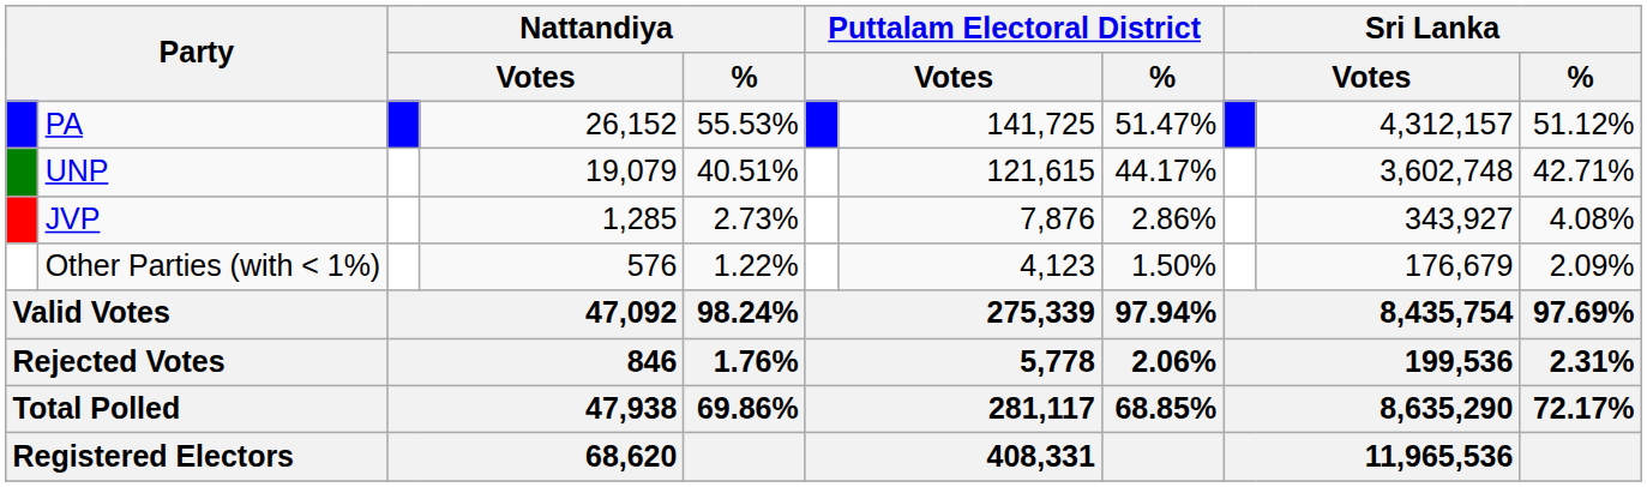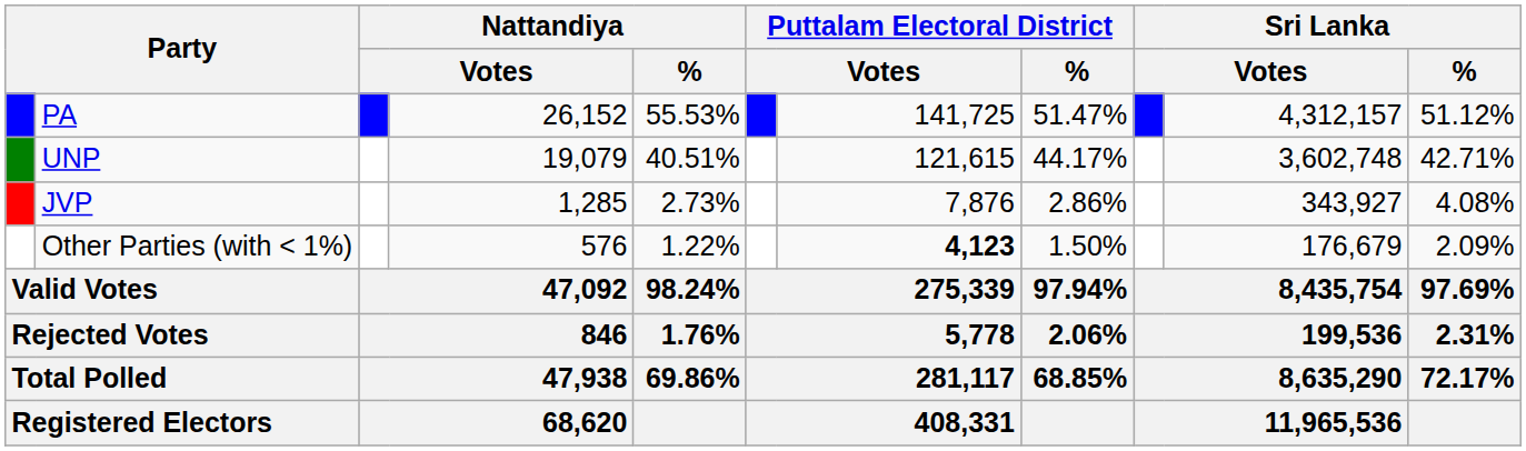 <table class="wikitable">
 <tr>
 <th colspan="2" width="144px"rowspan="2">Party</th>
 <th colspan="3" width="216px">Nattandiya</th>
 <th colspan="3" width="216px"><a href='#'>Puttalam Electoral District</a></th>
 <th colspan="3" width="216px">Sri Lanka</th>
 </tr>
 <tr>
 <th colspan="2" width="144px">Votes</th>
 <th>%</th>
 <th colspan="2" width="144px">Votes</th>
 <th>%</th>
 <th colspan="2" width="144px">Votes</th>
 <th>%</th>
 </tr>
 <tr>
 <td style="background-color:blue;" width="10px"></td>
 <td style="text-align:left;"><a href='#'>PA</a></td>
 <td style="background-color:blue;" width="10px"></td>
 <td style="text-align:right;">26,152</td>
 <td style="text-align:right;">55.53%</td>
 <td style="background-color:blue;" width="10px"></td>
 <td style="text-align:right;">141,725</td>
 <td style="text-align:right;">51.47%</td>
 <td style="background-color:blue;" width="10px"></td>
 <td style="text-align:right;">4,312,157</td>
 <td style="text-align:right;">51.12%</td>
 </tr>
 <tr>
 <td style="background-color:green;" width="10px"></td>
 <td style="text-align:left;"><a href='#'>UNP</a></td>
 <td style="background-color:white;" width="10px"></td>
 <td style="text-align:right;">19,079</td>
 <td style="text-align:right;">40.51%</td>
 <td style="background-color:white;" width="10px"></td>
 <td style="text-align:right;">121,615</td>
 <td style="text-align:right;">44.17%</td>
 <td style="background-color:white;" width="10px"></td>
 <td style="text-align:right;">3,602,748</td>
 <td style="text-align:right;">42.71%</td>
 </tr>
 <tr>
 <td style="background-color:red;" width="10px"></td>
 <td style="text-align:left;"><a href='#'>JVP</a></td>
 <td style="background-color:white;" width="10px"></td>
 <td style="text-align:right;">1,285</td>
 <td style="text-align:right;">2.73%</td>
 <td style="background-color:white;" width="10px"></td>
 <td style="text-align:right;">7,876</td>
 <td style="text-align:right;">2.86%</td>
 <td style="background-color:white;" width="10px"></td>
 <td style="text-align:right;">343,927</td>
 <td style="text-align:right;">4.08%</td>
 </tr>
 <tr>
 <td style="background-color:white;" width="10px"></td>
 <td style="text-align:left;">Other Parties (with < 1%)</td>
 <td style="background-color:white;" width="10px"></td>
 <td style="text-align:right;">576</td>
 <td style="text-align:right;">1.22%</td>
 <td style="background-color:white;" width="10px"></td>
-<td style="text-align:right;">4,123</td>
+<td style="text-align:right;"><strong>4,123</strong></td>
 <td style="text-align:right;">1.50%</td>
 <td style="background-color:white;" width="10px"></td>
 <td style="text-align:right;">176,679</td>
 <td style="text-align:right;">2.09%</td>
 </tr>
 <tr>
 <th colspan="2" width="144px"style="text-align:left;">Valid Votes</th>
 <th style="text-align:right;"colspan="2" width="144px">47,092</th>
 <th style="text-align:right;">98.24%</th>
 <th style="text-align:right;"colspan="2" width="144px">275,339</th>
 <th style="text-align:right;">97.94%</th>
 <th style="text-align:right;"colspan="2" width="144px">8,435,754</th>
 <th style="text-align:right;">97.69%</th>
 </tr>
 <tr>
 <th colspan="2" width="144px"style="text-align:left;">Rejected Votes</th>
 <th style="text-align:right;"colspan="2" width="144px">846</th>
 <th style="text-align:right;">1.76%</th>
 <th style="text-align:right;"colspan="2" width="144px">5,778</th>
 <th style="text-align:right;">2.06%</th>
 <th style="text-align:right;"colspan="2" width="144px">199,536</th>
 <th style="text-align:right;">2.31%</th>
 </tr>
 <tr>
 <th colspan="2" width="144px"style="text-align:left;">Total Polled</th>
 <th style="text-align:right;"colspan="2" width="144px">47,938</th>
 <th style="text-align:right;">69.86%</th>
 <th style="text-align:right;"colspan="2" width="144px">281,117</th>
 <th style="text-align:right;">68.85%</th>
 <th style="text-align:right;"colspan="2" width="144px">8,635,290</th>
 <th style="text-align:right;">72.17%</th>
 </tr>
 <tr>
 <th colspan="2" width="144px"style="text-align:left;">Registered Electors</th>
 <th style="text-align:right;"colspan="2" width="144px">68,620</th>
 <th></th>
 <th style="text-align:right;"colspan="2" width="144px">408,331</th>
 <th></th>
 <th style="text-align:right;"colspan="2" width="144px">11,965,536</th>
 <th></th>
 </tr>
 </table>
